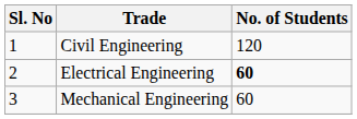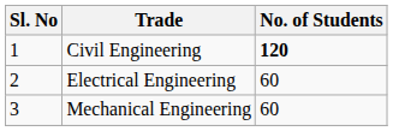 <table class="wikitable sortable">
 <tr>
 <th>Sl. No</th>
 <th>Trade</th>
 <th>No. of Students</th>
 </tr>
 <tr>
 <td>1</td>
 <td>Civil Engineering</td>
-<td>120</td>
+<td><strong>120</strong></td>
 </tr>
 <tr>
 <td>2</td>
 <td>Electrical Engineering</td>
-<td><strong>60</strong></td>
+<td>60</td>
 </tr>
 <tr>
 <td>3</td>
 <td>Mechanical Engineering</td>
 <td>60</td>
 </tr>
 <tr>
 </tr>
 </table>
